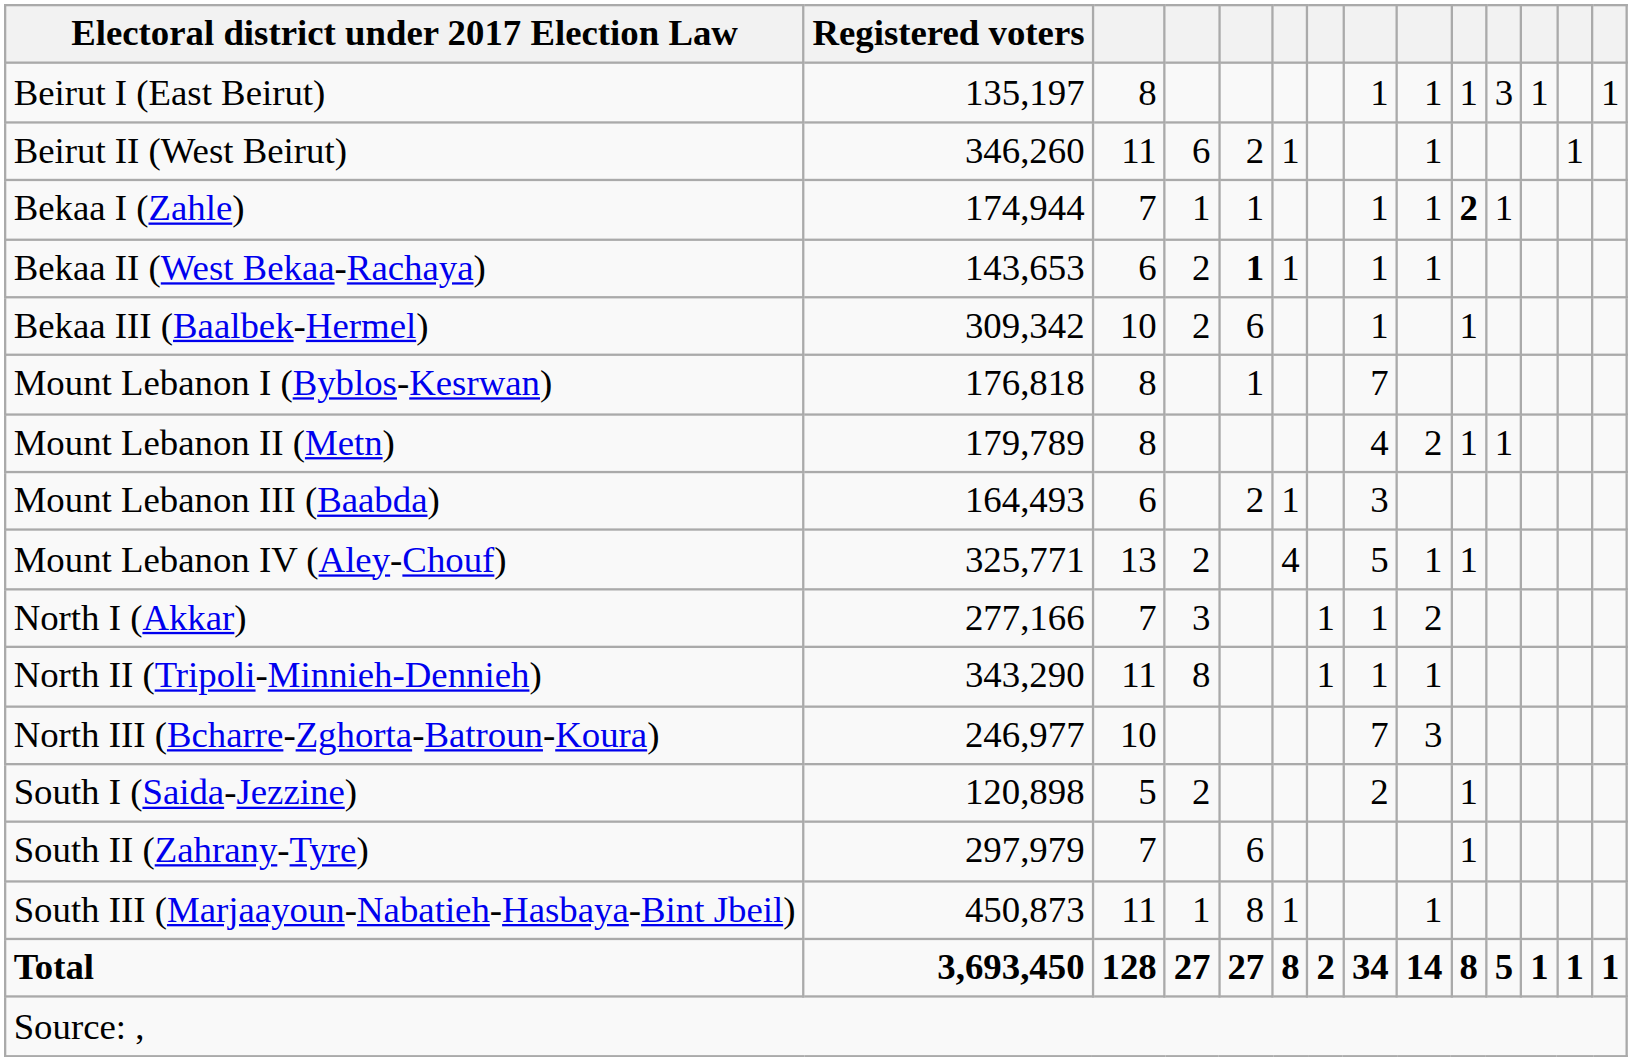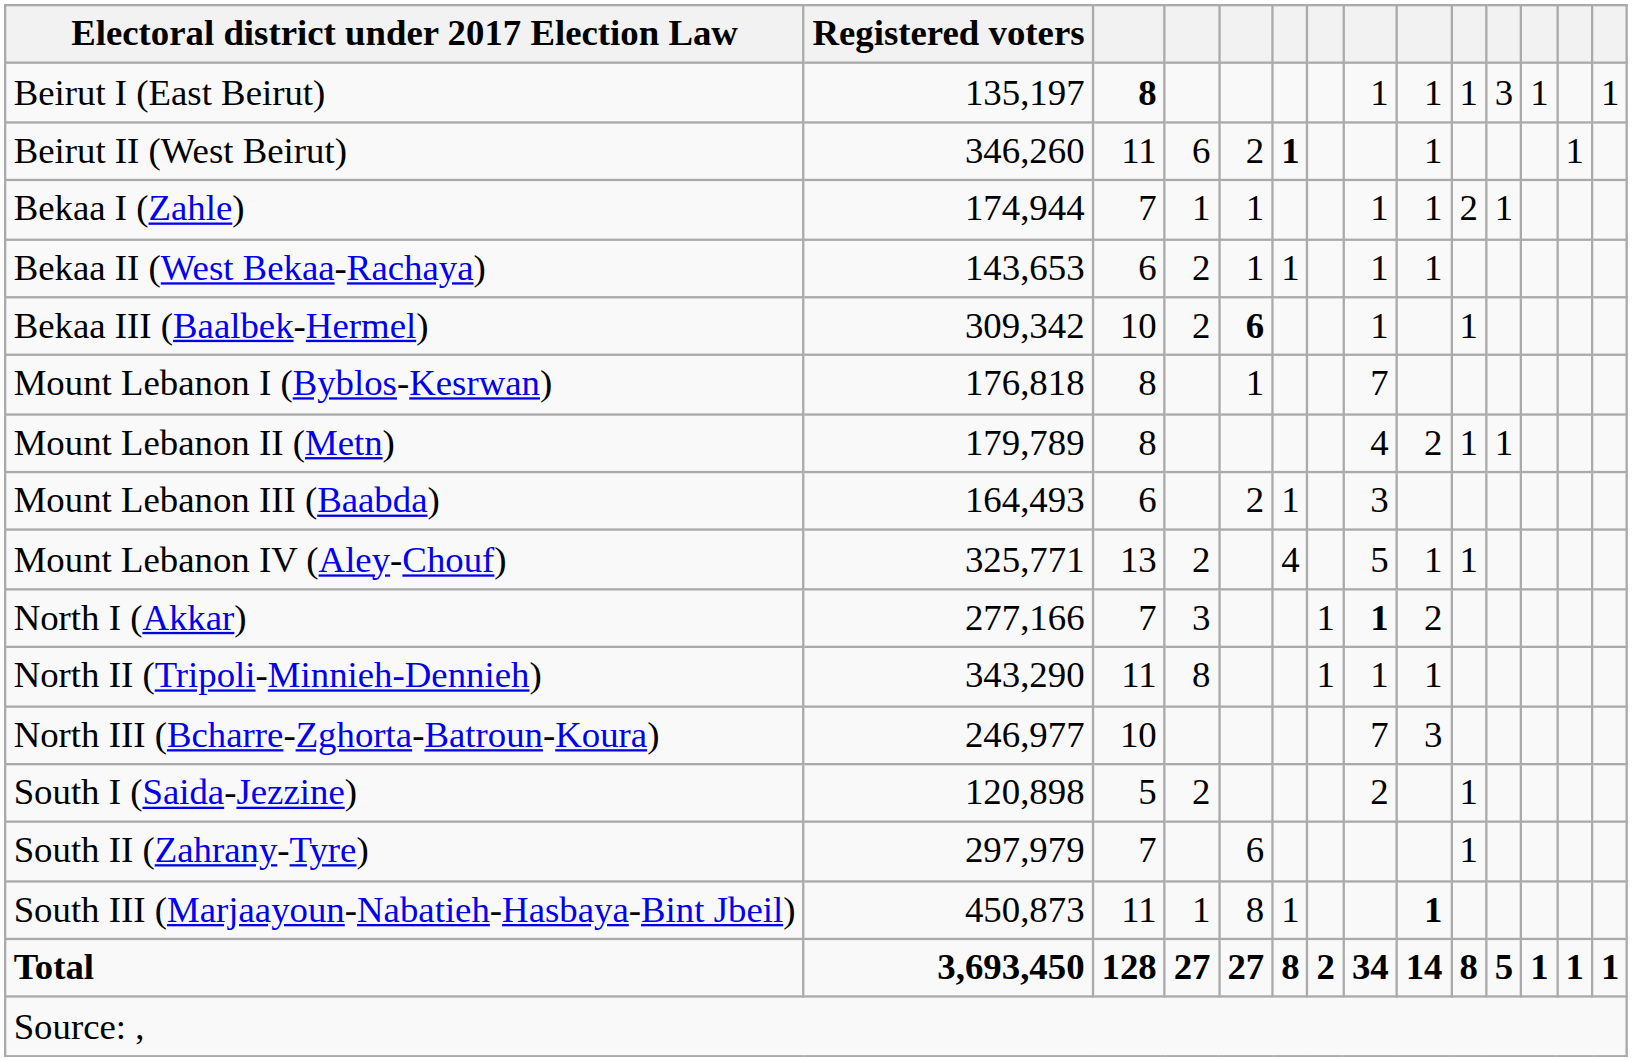 <table class="wikitable sortable" style=text-align:right>
 <tr>
 <th>Electoral district under 2017 Election Law</th>
 <th>Registered voters</th>
 <th></th>
 <th></th>
 <th></th>
 <th></th>
 <th></th>
 <th></th>
 <th></th>
 <th></th>
 <th></th>
 <th></th>
 <th></th>
 <th></th>
 </tr>
 <tr>
 <td align=left>Beirut I (East Beirut)</td>
 <td>135,197</td>
-<td>8</td>
+<td><strong>8</strong></td>
 <td></td>
 <td></td>
 <td></td>
 <td></td>
 <td>1</td>
 <td>1</td>
 <td>1</td>
 <td>3</td>
 <td>1</td>
 <td></td>
 <td>1</td>
 </tr>
 <tr>
 <td align=left>Beirut II (West Beirut)</td>
 <td>346,260</td>
 <td>11</td>
 <td>6</td>
 <td>2</td>
-<td>1</td>
+<td><strong>1</strong></td>
 <td></td>
 <td></td>
 <td>1</td>
 <td></td>
 <td></td>
 <td></td>
 <td>1</td>
 <td></td>
 </tr>
 <tr>
 <td align=left>Bekaa I (<a href='#'>Zahle</a>)</td>
 <td>174,944</td>
 <td>7</td>
 <td>1</td>
 <td>1</td>
 <td></td>
 <td></td>
 <td>1</td>
 <td>1</td>
-<td><strong>2</strong></td>
+<td>2</td>
 <td>1</td>
 <td></td>
 <td></td>
 <td></td>
 </tr>
 <tr>
 <td align=left>Bekaa II (<a href='#'>West Bekaa</a>-<a href='#'>Rachaya</a>)</td>
 <td>143,653</td>
 <td>6</td>
 <td>2</td>
-<td><strong>1</strong></td>
+<td>1</td>
 <td>1</td>
 <td></td>
 <td>1</td>
 <td>1</td>
 <td></td>
 <td></td>
 <td></td>
 <td></td>
 <td></td>
 </tr>
 <tr>
 <td align=left>Bekaa III (<a href='#'>Baalbek</a>-<a href='#'>Hermel</a>)</td>
 <td>309,342</td>
 <td>10</td>
 <td>2</td>
-<td>6</td>
+<td><strong>6</strong></td>
 <td></td>
 <td></td>
 <td>1</td>
 <td></td>
 <td>1</td>
 <td></td>
 <td></td>
 <td></td>
 <td></td>
 </tr>
 <tr>
 <td align=left>Mount Lebanon I (<a href='#'>Byblos</a>-<a href='#'>Kesrwan</a>)</td>
 <td>176,818</td>
 <td>8</td>
 <td></td>
 <td>1</td>
 <td></td>
 <td></td>
 <td>7</td>
 <td></td>
 <td></td>
 <td></td>
 <td></td>
 <td></td>
 <td></td>
 </tr>
 <tr>
 <td align=left>Mount Lebanon II (<a href='#'>Metn</a>)</td>
 <td>179,789</td>
 <td>8</td>
 <td></td>
 <td></td>
 <td></td>
 <td></td>
 <td>4</td>
 <td>2</td>
 <td>1</td>
 <td>1</td>
 <td></td>
 <td></td>
 <td></td>
 </tr>
 <tr>
 <td align=left>Mount Lebanon III (<a href='#'>Baabda</a>)</td>
 <td>164,493</td>
 <td>6</td>
 <td></td>
 <td>2</td>
 <td>1</td>
 <td></td>
 <td>3</td>
 <td></td>
 <td></td>
 <td></td>
 <td></td>
 <td></td>
 <td></td>
 </tr>
 <tr>
 <td align=left>Mount Lebanon IV (<a href='#'>Aley</a>-<a href='#'>Chouf</a>)</td>
 <td>325,771</td>
 <td>13</td>
 <td>2</td>
 <td></td>
 <td>4</td>
 <td></td>
 <td>5</td>
 <td>1</td>
 <td>1</td>
 <td></td>
 <td></td>
 <td></td>
 <td></td>
 </tr>
 <tr>
 <td align=left>North I (<a href='#'>Akkar</a>)</td>
 <td>277,166</td>
 <td>7</td>
 <td>3</td>
 <td></td>
 <td></td>
 <td>1</td>
-<td>1</td>
+<td><strong>1</strong></td>
 <td>2</td>
 <td></td>
 <td></td>
 <td></td>
 <td></td>
 <td></td>
 </tr>
 <tr>
 <td align=left>North II (<a href='#'>Tripoli</a>-<a href='#'>Minnieh-Dennieh</a>)</td>
 <td>343,290</td>
 <td>11</td>
 <td>8</td>
 <td></td>
 <td></td>
 <td>1</td>
 <td>1</td>
 <td>1</td>
 <td></td>
 <td></td>
 <td></td>
 <td></td>
 <td></td>
 </tr>
 <tr>
 <td align=left>North III (<a href='#'>Bcharre</a>-<a href='#'>Zghorta</a>-<a href='#'>Batroun</a>-<a href='#'>Koura</a>)</td>
 <td>246,977</td>
 <td>10</td>
 <td></td>
 <td></td>
 <td></td>
 <td></td>
 <td>7</td>
 <td>3</td>
 <td></td>
 <td></td>
 <td></td>
 <td></td>
 <td></td>
 </tr>
 <tr>
 <td align=left>South I (<a href='#'>Saida</a>-<a href='#'>Jezzine</a>)</td>
 <td>120,898</td>
 <td>5</td>
 <td>2</td>
 <td></td>
 <td></td>
 <td></td>
 <td>2</td>
 <td></td>
 <td>1</td>
 <td></td>
 <td></td>
 <td></td>
 <td></td>
 </tr>
 <tr>
 <td align=left>South II (<a href='#'>Zahrany</a>-<a href='#'>Tyre</a>)</td>
 <td>297,979</td>
 <td>7</td>
 <td></td>
 <td>6</td>
 <td></td>
 <td></td>
 <td></td>
 <td></td>
 <td>1</td>
 <td></td>
 <td></td>
 <td></td>
 <td></td>
 </tr>
 <tr>
 <td align=left>South III (<a href='#'>Marjaayoun</a>-<a href='#'>Nabatieh</a>-<a href='#'>Hasbaya</a>-<a href='#'>Bint Jbeil</a>)</td>
 <td>450,873</td>
 <td>11</td>
 <td>1</td>
 <td>8</td>
 <td>1</td>
 <td></td>
 <td></td>
-<td>1</td>
+<td><strong>1</strong></td>
 <td></td>
 <td></td>
 <td></td>
 <td></td>
 <td></td>
 </tr>
 <tr>
 <td align=left><strong>Total</strong></td>
 <td><strong>3,693,450</strong></td>
 <td><strong>128</strong></td>
 <td><strong>27</strong></td>
 <td><strong>27</strong></td>
 <td><strong>8</strong></td>
 <td><strong>2</strong></td>
 <td><strong>34</strong></td>
 <td><strong>14</strong></td>
 <td><strong>8</strong></td>
 <td><strong>5</strong></td>
 <td><strong>1</strong></td>
 <td><strong>1</strong></td>
 <td><strong>1</strong></td>
 </tr>
 <tr>
 <td colspan=14 style="text-align:left;">Source:  ,  </td>
 </tr>
 </table>
